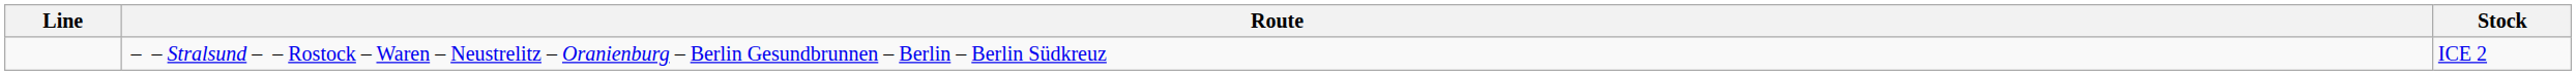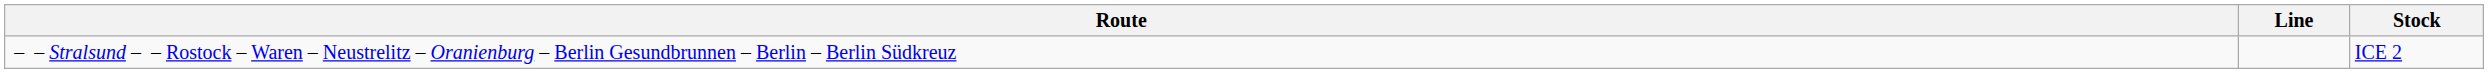 <table class="wikitable" width="100%">
 <tr>
+<th>Route</th>
 <th>Line</th>
-<th>Route</th>
 <th>Stock</th>
 </tr>
 <tr>
+<td><em> –  – <a href='#'>Stralsund</a> –  – </em> <a href='#'>Rostock</a> – <a href='#'>Waren</a> – <a href='#'>Neustrelitz</a> – <em><a href='#'>Oranienburg</a></em> – <a href='#'>Berlin Gesundbrunnen</a> – <a href='#'>Berlin</a> – <a href='#'>Berlin Südkreuz</a></td>
 <td></td>
-<td><em> –  – <a href='#'>Stralsund</a> –  – </em> <a href='#'>Rostock</a> – <a href='#'>Waren</a> – <a href='#'>Neustrelitz</a> – <em><a href='#'>Oranienburg</a></em> – <a href='#'>Berlin Gesundbrunnen</a> – <a href='#'>Berlin</a> – <a href='#'>Berlin Südkreuz</a></td>
 <td><a href='#'>ICE 2</a></td>
 </tr>
 </table>
